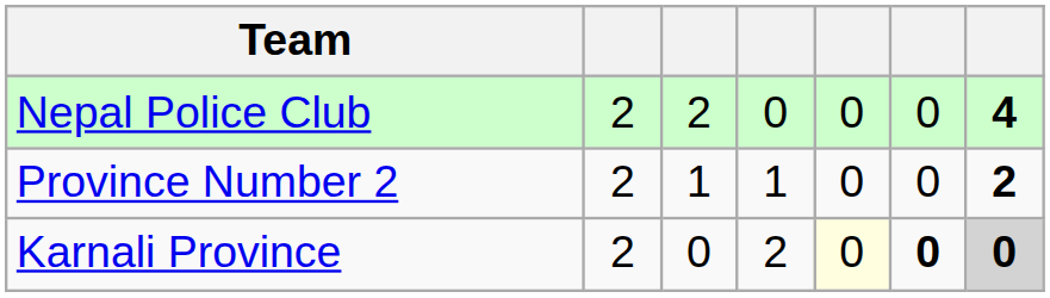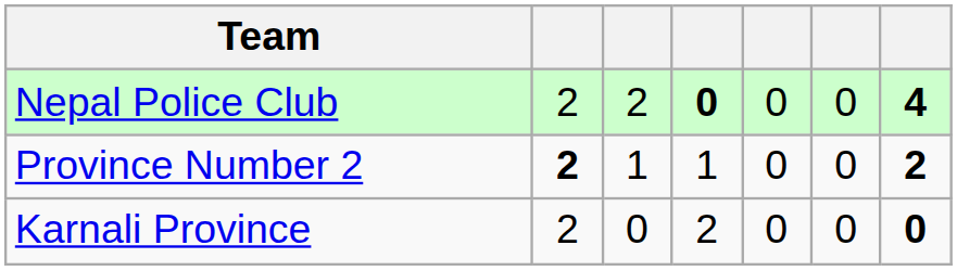 <table class="wikitable" style="text-align:center">
 <tr>
 <th style="width:200px">Team</th>
 <th width="20"></th>
 <th width="20"></th>
 <th width="20"></th>
 <th width="20"></th>
 <th width="20"></th>
 <th width="20"></th>
 </tr>
 <tr style="background:#cfc">
 <td style="text-align:left"><a href='#'>Nepal Police Club</a></td>
 <td>2</td>
 <td>2</td>
-<td>0</td>
+<td><strong>0</strong></td>
 <td>0</td>
 <td>0</td>
 <td><strong>4</strong></td>
 </tr>
 <tr>
 <td style="text-align:left"><a href='#'>Province Number 2</a></td>
-<td>2</td>
+<td><strong>2</strong></td>
 <td>1</td>
 <td>1</td>
 <td>0</td>
 <td>0</td>
 <td><strong>2</strong></td>
 </tr>
 <tr>
 <td style="text-align:left"><a href='#'>Karnali Province</a></td>
 <td>2</td>
 <td>0</td>
 <td>2</td>
-<td style="background: lightyellow;">0</td>
+<td>0</td>
+<td>0</td>
 <td><strong>0</strong></td>
-<td style="background: lightgrey;"><strong>0</strong></td>
 </tr>
 </table>
